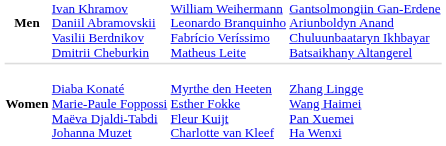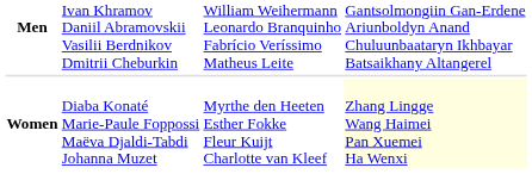 <table>
 <tr>
 <th scope="row">Men</th>
 <td><br><a href='#'>Ivan Khramov</a><br><a href='#'>Daniil Abramovskii</a><br><a href='#'>Vasilii Berdnikov</a><br><a href='#'>Dmitrii Cheburkin</a></td>
 <td><br><a href='#'>William Weihermann</a><br><a href='#'>Leonardo Branquinho</a><br><a href='#'>Fabrício Veríssimo</a><br><a href='#'>Matheus Leite</a></td>
 <td><br><a href='#'>Gantsolmongiin Gan-Erdene</a><br><a href='#'>Ariunboldyn Anand</a><br><a href='#'>Chuluunbaataryn Ikhbayar</a><br><a href='#'>Batsaikhany Altangerel</a></td>
 </tr>
 <tr bgcolor=#DDDDDD>
 <td colspan=4></td>
 </tr>
 <tr>
 <th scope="row">Women</th>
 <td><br><a href='#'>Diaba Konaté</a><br><a href='#'>Marie-Paule Foppossi</a><br><a href='#'>Maëva Djaldi-Tabdi</a><br><a href='#'>Johanna Muzet</a></td>
 <td><br><a href='#'>Myrthe den Heeten</a><br><a href='#'>Esther Fokke</a><br><a href='#'>Fleur Kuijt</a><br><a href='#'>Charlotte van Kleef</a></td>
-<td><br><a href='#'>Zhang Lingge</a><br><a href='#'>Wang Haimei</a><br><a href='#'>Pan Xuemei</a><br><a href='#'>Ha Wenxi</a></td>
+<td style="background: lightyellow;"><br><a href='#'>Zhang Lingge</a><br><a href='#'>Wang Haimei</a><br><a href='#'>Pan Xuemei</a><br><a href='#'>Ha Wenxi</a></td>
 </tr>
 </table>
